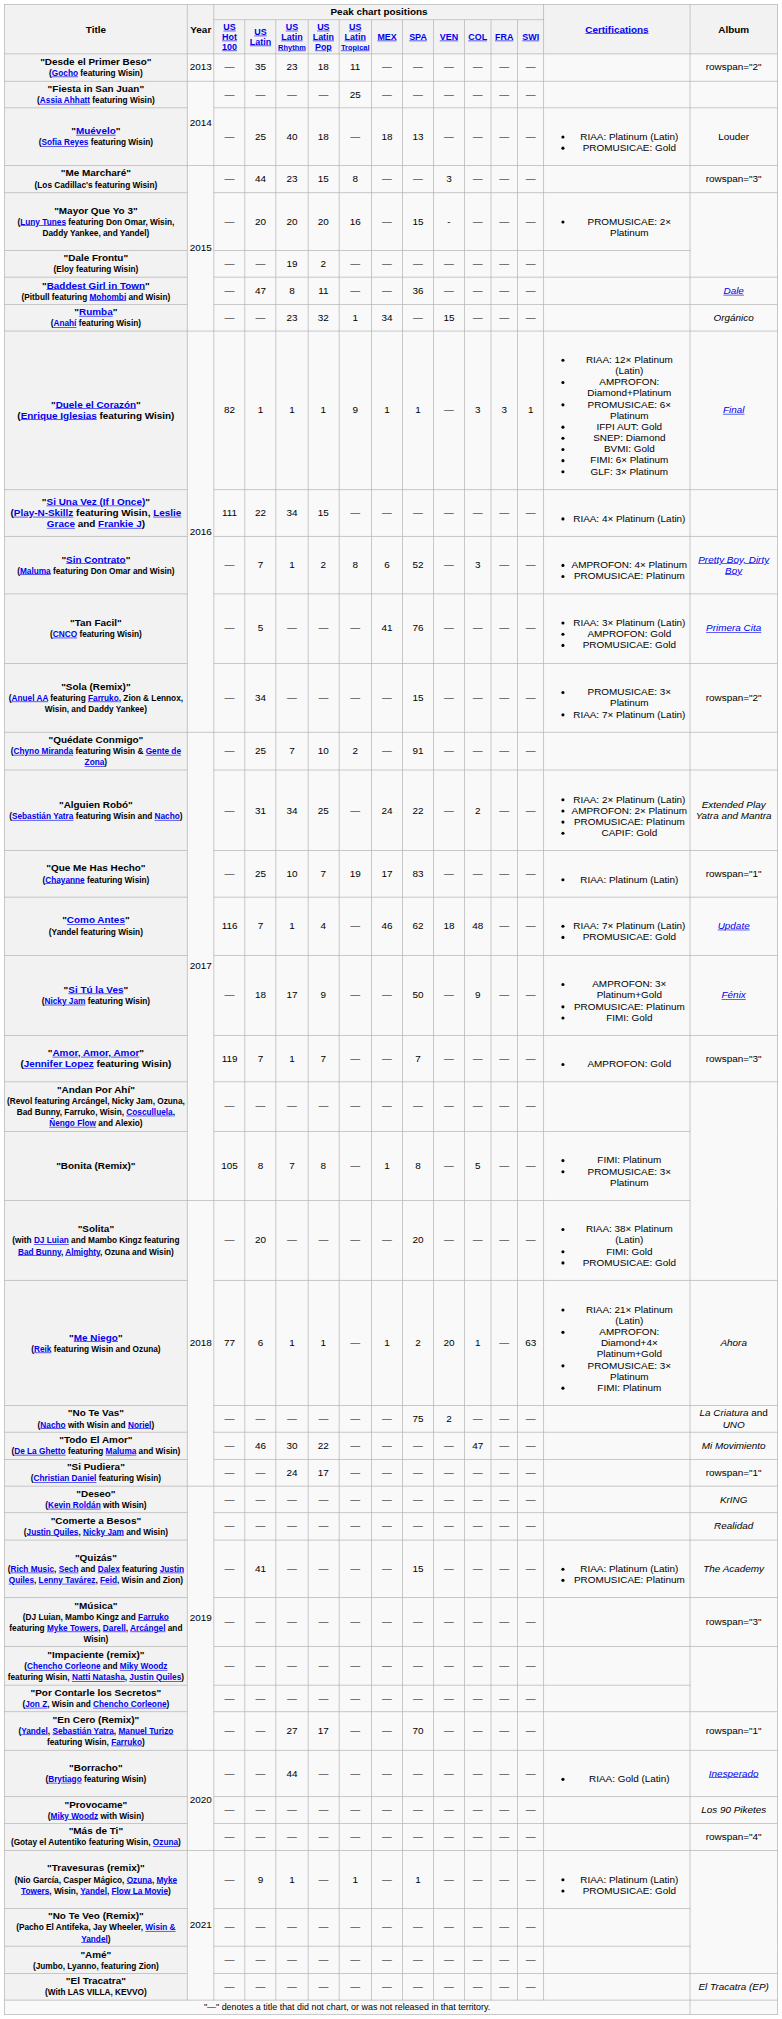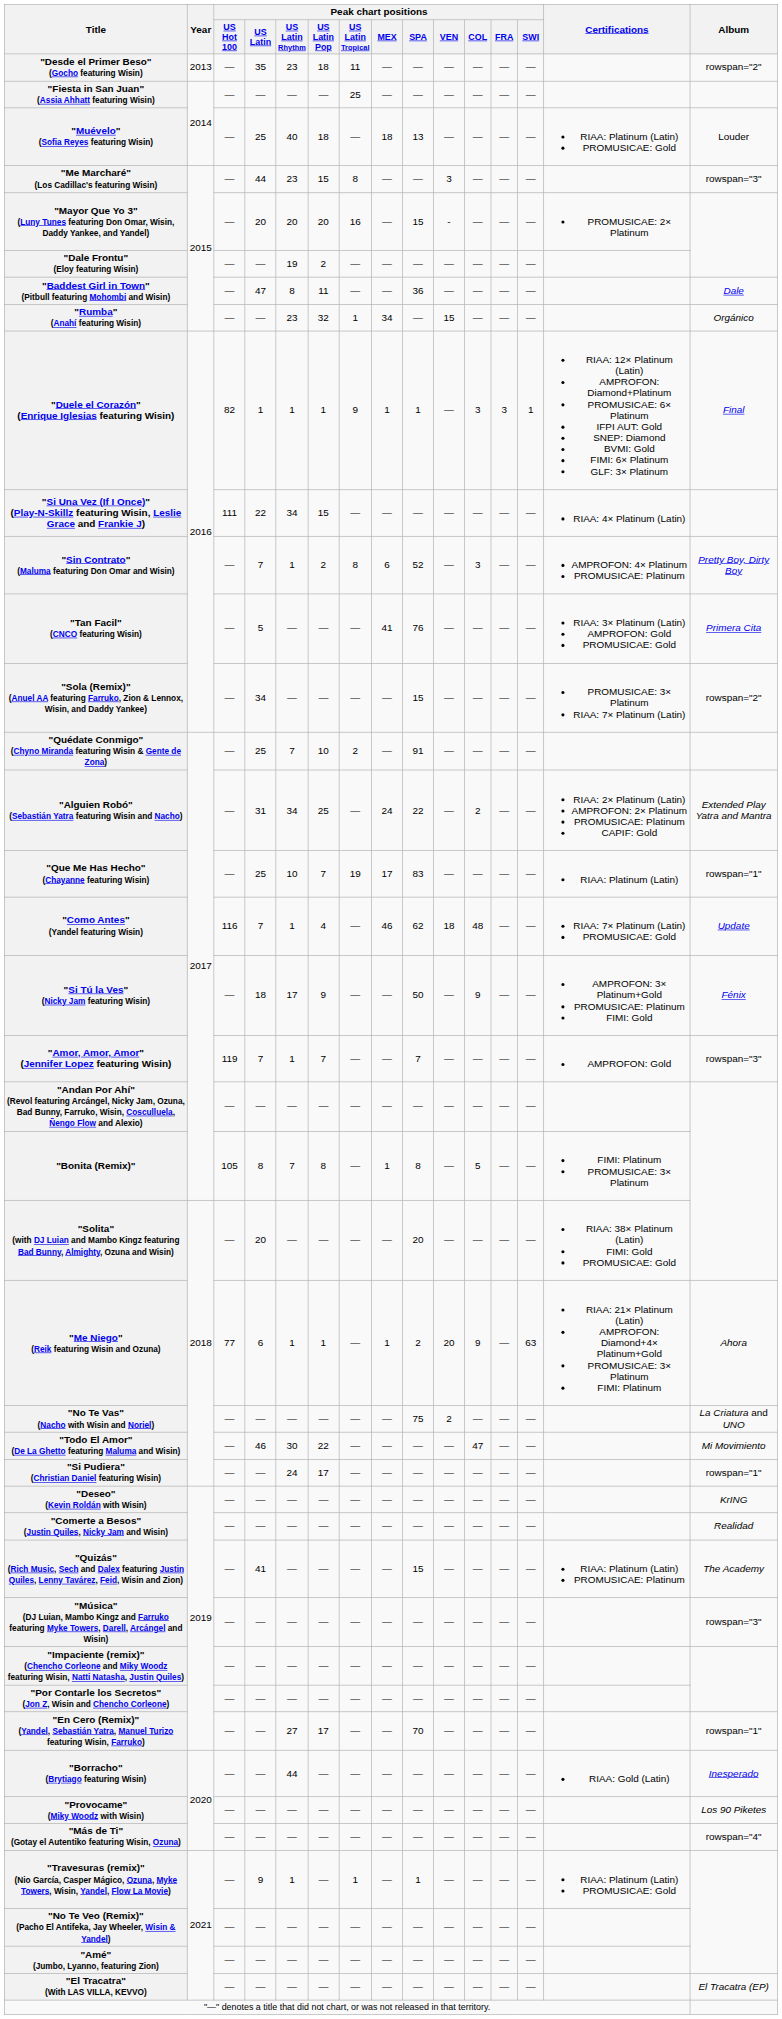 <table class="wikitable plainrowheaders" style="text-align:center;" border="1">
 <tr>
 <th scope="col" rowspan="2" style="width:18em;">Title</th>
 <th scope="col" rowspan="2">Year</th>
 <th scope="col" colspan="11">Peak chart positions</th>
 <th scope="col" rowspan="2"><a href='#'>Certifications</a></th>
 <th scope="col" rowspan="2">Album</th>
 </tr>
 <tr>
 <th scope="col" style="width:3em;font-size:90%;"><a href='#'>US Hot 100</a><br></th>
 <th scope="col" style="width:3em;font-size:90%;"><a href='#'>US <br> Latin</a><br></th>
 <th scope="col" style="width:3em;font-size:90%;"><a href='#'>US <br> Latin <small>Rhythm</small></a><br></th>
 <th scope="col" style="width:3em;font-size:90%;"><a href='#'>US <br> Latin<br>Pop</a><br></th>
 <th scope="col" style="width:3em;font-size:90%;"><a href='#'>US <br> Latin <small>Tropical</small></a><br></th>
 <th scope="col" style="width:3em;font-size:90%;"><a href='#'>MEX</a><br></th>
 <th scope="col" style="width:3em;font-size:90%;"><a href='#'>SPA</a><br></th>
 <th scope="col" style="width:3em;font-size:90%;"><a href='#'>VEN</a><br></th>
 <th scope="col" style="width:2.5em;font-size:90%;"><a href='#'>COL</a><br></th>
 <th scope="col" style="width:2.5em;font-size:90%;"><a href='#'>FRA</a><br></th>
 <th scope="col" style="width:2.5em;font-size:90%;"><a href='#'>SWI</a><br></th>
 </tr>
 <tr>
 <th scope="row">"Desde el Primer Beso" <br><small>(<a href='#'>Gocho</a> featuring Wisin)</small></th>
 <td>2013</td>
 <td>—</td>
 <td>35</td>
 <td>23</td>
 <td>18</td>
 <td>11</td>
 <td>—</td>
 <td>—</td>
 <td>—</td>
 <td>—</td>
 <td>—</td>
 <td>—</td>
 <td></td>
 <td>rowspan="2" </td>
 </tr>
 <tr>
 <th scope="row">"Fiesta in San Juan" <br> <small>(<a href='#'>Assia Ahhatt</a> featuring Wisin)</small></th>
 <td rowspan="2">2014</td>
 <td>—</td>
 <td>—</td>
 <td>—</td>
 <td>—</td>
 <td>25</td>
 <td>—</td>
 <td>—</td>
 <td>—</td>
 <td>—</td>
 <td>—</td>
 <td>—</td>
 <td></td>
 </tr>
 <tr>
 <th scope="row">"<a href='#'>Muévelo</a>" <br> <small>(<a href='#'>Sofia Reyes</a> featuring Wisin)</small></th>
 <td>—</td>
 <td>25</td>
 <td>40</td>
 <td>18</td>
 <td>—</td>
 <td>18</td>
 <td>13</td>
 <td>—</td>
 <td>—</td>
 <td>—</td>
 <td>—</td>
 <td><br><ul><li>RIAA: Platinum (Latin)</li><li>PROMUSICAE: Gold</li></ul></td>
 <td>Louder</td>
 </tr>
 <tr>
 <th scope="row">"Me Marcharé" <br> <small>(Los Cadillac's featuring Wisin)</small></th>
 <td rowspan="5">2015</td>
 <td>—</td>
 <td>44</td>
 <td>23</td>
 <td>15</td>
 <td>8</td>
 <td>—</td>
 <td>—</td>
 <td>3</td>
 <td>—</td>
 <td>—</td>
 <td>—</td>
 <td></td>
 <td>rowspan="3" </td>
 </tr>
 <tr>
 <th scope="row">"Mayor Que Yo 3" <br> <small>(<a href='#'>Luny Tunes</a> featuring Don Omar, Wisin, Daddy Yankee, and Yandel)</small></th>
 <td>—</td>
 <td>20</td>
 <td>20</td>
 <td>20</td>
 <td>16</td>
 <td>—</td>
 <td>15</td>
 <td>-</td>
 <td>—</td>
 <td>—</td>
 <td>—</td>
 <td><br><ul><li>PROMUSICAE: 2× Platinum</li></ul></td>
 </tr>
 <tr>
 <th scope="row">"Dale Frontu" <br> <small>(Eloy featuring Wisin)</small></th>
 <td>—</td>
 <td>—</td>
 <td>19</td>
 <td>2</td>
 <td>—</td>
 <td>—</td>
 <td>—</td>
 <td>—</td>
 <td>—</td>
 <td>—</td>
 <td>—</td>
 <td></td>
 </tr>
 <tr>
 <th scope="row">"<a href='#'>Baddest Girl in Town</a>" <br> <small>(Pitbull featuring <a href='#'>Mohombi</a> and Wisin)</small></th>
 <td>—</td>
 <td>47</td>
 <td>8</td>
 <td>11</td>
 <td>—</td>
 <td>—</td>
 <td>36</td>
 <td>—</td>
 <td>—</td>
 <td>—</td>
 <td>—</td>
 <td></td>
 <td><em><a href='#'>Dale</a></em></td>
 </tr>
 <tr>
 <th scope="row">"<a href='#'>Rumba</a>"<br><small>(<a href='#'>Anahí</a> featuring Wisin)</small></th>
 <td>—</td>
 <td>—</td>
 <td>23</td>
 <td>32</td>
 <td>1</td>
 <td>34</td>
 <td>—</td>
 <td>15</td>
 <td>—</td>
 <td>—</td>
 <td>—</td>
 <td></td>
 <td><em>Orgánico</em></td>
 </tr>
 <tr>
 <th scope="row">"<a href='#'>Duele el Corazón</a>"<br><span>(<a href='#'>Enrique Iglesias</a> featuring Wisin)</span></th>
 <td rowspan="5">2016</td>
 <td>82</td>
 <td>1</td>
 <td>1</td>
 <td>1</td>
 <td>9</td>
 <td>1</td>
 <td>1</td>
 <td>—</td>
 <td>3</td>
 <td>3</td>
 <td>1</td>
 <td><br><ul><li>RIAA: 12× Platinum (Latin)</li><li>AMPROFON: Diamond+Platinum</li><li>PROMUSICAE: 6× Platinum</li><li>IFPI AUT: Gold</li><li>SNEP: Diamond</li><li>BVMI: Gold</li><li>FIMI: 6× Platinum</li><li>GLF: 3× Platinum</li></ul></td>
 <td><em><a href='#'>Final</a></em></td>
 </tr>
 <tr>
 <th scope="row">"<a href='#'>Si Una Vez (If I Once)</a>"<br><span>(<a href='#'>Play-N-Skillz</a> featuring Wisin, <a href='#'>Leslie Grace</a> and <a href='#'>Frankie J</a>)</span></th>
 <td>111</td>
 <td>22</td>
 <td>34</td>
 <td>15</td>
 <td>—</td>
 <td>—</td>
 <td>—</td>
 <td>—</td>
 <td>—</td>
 <td>—</td>
 <td>—</td>
 <td><br><ul><li>RIAA: 4× Platinum (Latin)</li></ul></td>
 <td></td>
 </tr>
 <tr>
 <th scope="row">"<a href='#'>Sin Contrato</a>" <br> <small>(<a href='#'>Maluma</a> featuring Don Omar and Wisin)</small></th>
 <td>—</td>
 <td>7</td>
 <td>1</td>
 <td>2</td>
 <td>8</td>
 <td>6</td>
 <td>52</td>
 <td>—</td>
 <td>3</td>
 <td>—</td>
 <td>—</td>
 <td><br><ul><li>AMPROFON: 4× Platinum</li><li>PROMUSICAE: Platinum</li></ul></td>
 <td><em><a href='#'>Pretty Boy, Dirty Boy</a></em></td>
 </tr>
 <tr>
 <th scope="row">"Tan Facil" <br> <small>(<a href='#'>CNCO</a> featuring Wisin)</small></th>
 <td>—</td>
 <td>5</td>
 <td>—</td>
 <td>—</td>
 <td>—</td>
 <td>41</td>
 <td>76</td>
 <td>—</td>
 <td>—</td>
 <td>—</td>
 <td>—</td>
 <td><br><ul><li>RIAA: 3× Platinum (Latin)</li><li>AMPROFON: Gold</li><li>PROMUSICAE: Gold</li></ul></td>
 <td><em><a href='#'>Primera Cita</a></em></td>
 </tr>
 <tr>
 <th scope="row">"Sola (Remix)" <br> <small>(<a href='#'>Anuel AA</a> featuring <a href='#'>Farruko</a>, Zion & Lennox, Wisin, and Daddy Yankee)</small></th>
 <td>—</td>
 <td>34</td>
 <td>—</td>
 <td>—</td>
 <td>—</td>
 <td>—</td>
 <td>15</td>
 <td>—</td>
 <td>—</td>
 <td>—</td>
 <td>—</td>
 <td><br><ul><li>PROMUSICAE: 3× Platinum</li><li>RIAA: 7× Platinum (Latin)</li></ul></td>
 <td>rowspan="2" </td>
 </tr>
 <tr>
 <th scope="row">"Quédate Conmigo" <br> <small>(<a href='#'>Chyno Miranda</a> featuring Wisin & <a href='#'>Gente de Zona</a>)</small></th>
 <td rowspan="8">2017</td>
 <td>—</td>
 <td>25</td>
 <td>7</td>
 <td>10</td>
 <td>2</td>
 <td>—</td>
 <td>91</td>
 <td>—</td>
 <td>—</td>
 <td>—</td>
 <td>—</td>
 <td></td>
 </tr>
 <tr>
 <th scope="row">"Alguien Robó" <br> <small>(<a href='#'>Sebastián Yatra</a> featuring Wisin and <a href='#'>Nacho</a>)</small></th>
 <td>—</td>
 <td>31</td>
 <td>34</td>
 <td>25</td>
 <td>—</td>
 <td>24</td>
 <td>22</td>
 <td>—</td>
 <td>2</td>
 <td>—</td>
 <td>—</td>
 <td><br><ul><li>RIAA: 2× Platinum (Latin)</li><li>AMPROFON: 2× Platinum</li><li>PROMUSICAE: Platinum</li><li>CAPIF: Gold</li></ul></td>
 <td><em>Extended Play Yatra and Mantra</em></td>
 </tr>
 <tr>
 <th scope="row">"Que Me Has Hecho" <br> <small>(<a href='#'>Chayanne</a> featuring Wisin)</small></th>
 <td>—</td>
 <td>25</td>
 <td>10</td>
 <td>7</td>
 <td>19</td>
 <td>17</td>
 <td>83</td>
 <td>—</td>
 <td>—</td>
 <td>—</td>
 <td>—</td>
 <td><br><ul><li>RIAA: Platinum (Latin)</li></ul></td>
 <td>rowspan="1" </td>
 </tr>
 <tr>
 <th scope="row">"<a href='#'>Como Antes</a>" <br> <small>(Yandel featuring Wisin)</small></th>
 <td>116</td>
 <td>7</td>
 <td>1</td>
 <td>4</td>
 <td>—</td>
 <td>46</td>
 <td>62</td>
 <td>18</td>
 <td>48</td>
 <td>—</td>
 <td>—</td>
 <td><br><ul><li>RIAA: 7× Platinum (Latin)</li><li>PROMUSICAE: Gold</li></ul></td>
 <td><em><a href='#'>Update</a></em></td>
 </tr>
 <tr>
 <th scope="row">"<a href='#'>Si Tú la Ves</a>"<br><small>(<a href='#'>Nicky Jam</a> featuring Wisin)</small></th>
 <td>—</td>
 <td>18</td>
 <td>17</td>
 <td>9</td>
 <td>—</td>
 <td>—</td>
 <td>50</td>
 <td>—</td>
 <td>9</td>
 <td>—</td>
 <td>—</td>
 <td><br><ul><li>AMPROFON: 3× Platinum+Gold</li><li>PROMUSICAE: Platinum</li><li>FIMI: Gold</li></ul></td>
 <td><em><a href='#'>Fénix</a></em></td>
 </tr>
 <tr>
 <th scope="row">"<a href='#'>Amor, Amor, Amor</a>"<br><span>(<a href='#'>Jennifer Lopez</a> featuring Wisin)</span></th>
 <td>119</td>
 <td>7</td>
 <td>1</td>
 <td>7</td>
 <td>—</td>
 <td>—</td>
 <td>7</td>
 <td>—</td>
 <td>—</td>
 <td>—</td>
 <td>—</td>
 <td><br><ul><li>AMPROFON: Gold</li></ul></td>
 <td>rowspan="3" </td>
 </tr>
 <tr>
 <th scope="row">"Andan Por Ahí" <br> <small>(Revol featuring Arcángel, Nicky Jam, Ozuna, Bad Bunny, Farruko, Wisin, <a href='#'>Cosculluela</a>, <a href='#'>Ñengo Flow</a> and Alexio)</small></th>
 <td>—</td>
 <td>—</td>
 <td>—</td>
 <td>—</td>
 <td>—</td>
 <td>—</td>
 <td>—</td>
 <td>—</td>
 <td>—</td>
 <td>—</td>
 <td>—</td>
 <td></td>
 </tr>
 <tr>
 <th scope="row">"Bonita (Remix)"<br></th>
 <td>105</td>
 <td>8</td>
 <td>7</td>
 <td>8</td>
 <td>—</td>
 <td>1</td>
 <td>8</td>
 <td>—</td>
 <td>5</td>
 <td>—</td>
 <td>—</td>
 <td><br><ul><li>FIMI: Platinum</li><li>PROMUSICAE: 3× Platinum</li></ul></td>
 </tr>
 <tr>
 <th scope="row">"Solita"<br><small>(with <a href='#'>DJ Luian</a> and Mambo Kingz featuring <a href='#'>Bad Bunny</a>, <a href='#'>Almighty</a>, Ozuna and Wisin)</small></th>
 <td rowspan="5">2018</td>
 <td>—</td>
 <td>20</td>
 <td>—</td>
 <td>—</td>
 <td>—</td>
 <td>—</td>
 <td>20</td>
 <td>—</td>
 <td>—</td>
 <td>—</td>
 <td>—</td>
 <td><br><ul><li>RIAA: 38× Platinum (Latin)</li><li>FIMI: Gold</li><li>PROMUSICAE: Gold</li></ul></td>
 </tr>
 <tr>
 <th scope="row">"<a href='#'>Me Niego</a>" <br> <small>(<a href='#'>Reik</a> featuring Wisin and Ozuna)</small></th>
 <td>77</td>
 <td>6</td>
 <td>1</td>
 <td>1</td>
 <td>—</td>
 <td>1</td>
 <td>2<br></td>
 <td>20</td>
-<td>1</td>
+<td>9</td>
 <td>—</td>
 <td>63</td>
 <td><br><ul><li>RIAA: 21× Platinum (Latin)</li><li>AMPROFON: Diamond+4× Platinum+Gold</li><li>PROMUSICAE: 3× Platinum</li><li>FIMI: Platinum</li></ul></td>
 <td><em>Ahora</em></td>
 </tr>
 <tr>
 <th scope="row">"No Te Vas" <br> <small>(<a href='#'>Nacho</a> with Wisin and <a href='#'>Noriel</a>)</small></th>
 <td>—</td>
 <td>—</td>
 <td>—</td>
 <td>—</td>
 <td>—</td>
 <td>—</td>
 <td>75</td>
 <td>2</td>
 <td>—</td>
 <td>—</td>
 <td>—</td>
 <td></td>
 <td><em>La Criatura</em> and <em>UNO</em></td>
 </tr>
 <tr>
 <th scope="row">"Todo El Amor" <br> <small>(<a href='#'>De La Ghetto</a> featuring <a href='#'>Maluma</a> and Wisin)</small></th>
 <td>—</td>
 <td>46</td>
 <td>30</td>
 <td>22</td>
 <td>—</td>
 <td>—</td>
 <td>—</td>
 <td>—</td>
 <td>47</td>
 <td>—</td>
 <td>—</td>
 <td></td>
 <td><em>Mi Movimiento</em></td>
 </tr>
 <tr>
 <th scope="row">"Si Pudiera" <br> <small>(<a href='#'>Christian Daniel</a> featuring Wisin)</small></th>
 <td>—</td>
 <td>—</td>
 <td>24</td>
 <td>17</td>
 <td>—</td>
 <td>—</td>
 <td>—</td>
 <td>—</td>
 <td>—</td>
 <td>—</td>
 <td>—</td>
 <td></td>
 <td>rowspan="1" </td>
 </tr>
 <tr>
 <th scope="row">"Deseo" <br> <small>(<a href='#'>Kevin Roldán</a> with Wisin)</small></th>
 <td rowspan="7">2019</td>
 <td>—</td>
 <td>—</td>
 <td>—</td>
 <td>—</td>
 <td>—</td>
 <td>—</td>
 <td>—</td>
 <td>—</td>
 <td>—</td>
 <td>—</td>
 <td>—</td>
 <td></td>
 <td><em>KrING</em></td>
 </tr>
 <tr>
 <th scope="row">"Comerte a Besos" <br> <small>(<a href='#'>Justin Quiles</a>, <a href='#'>Nicky Jam</a> and Wisin)</small></th>
 <td>—</td>
 <td>—</td>
 <td>—</td>
 <td>—</td>
 <td>—</td>
 <td>—</td>
 <td>—</td>
 <td>—</td>
 <td>—</td>
 <td>—</td>
 <td>—</td>
 <td></td>
 <td><em>Realidad</em></td>
 </tr>
 <tr>
 <th scope="row">"Quizás" <br> <small>(<a href='#'>Rich Music</a>, <a href='#'>Sech</a> and <a href='#'>Dalex</a> featuring <a href='#'>Justin Quiles</a>, <a href='#'>Lenny Tavárez</a>, <a href='#'>Feid</a>, Wisin and Zion)</small></th>
 <td>—</td>
 <td>41</td>
 <td>—</td>
 <td>—</td>
 <td>—</td>
 <td>—</td>
 <td>15</td>
 <td>—</td>
 <td>—</td>
 <td>—</td>
 <td>—</td>
 <td><br><ul><li>RIAA: Platinum (Latin)</li><li>PROMUSICAE: Platinum</li></ul></td>
 <td><em>The Academy</em></td>
 </tr>
 <tr>
 <th scope="row">"Música" <br> <small>(DJ Luian, Mambo Kingz and <a href='#'>Farruko</a> featuring <a href='#'>Myke Towers</a>, <a href='#'>Darell</a>, <a href='#'>Arcángel</a> and Wisin)</small></th>
 <td>—</td>
 <td>—</td>
 <td>—</td>
 <td>—</td>
 <td>—</td>
 <td>—</td>
 <td>—</td>
 <td>—</td>
 <td>—</td>
 <td>—</td>
 <td>—</td>
 <td></td>
 <td>rowspan="3" </td>
 </tr>
 <tr>
 <th scope="row">"Impaciente (remix)" <br> <small>(<a href='#'>Chencho Corleone</a> and <a href='#'>Miky Woodz</a> featuring Wisin, <a href='#'>Natti Natasha</a>, <a href='#'>Justin Quiles</a>)</small></th>
 <td>—</td>
 <td>—</td>
 <td>—</td>
 <td>—</td>
 <td>—</td>
 <td>—</td>
 <td>—</td>
 <td>—</td>
 <td>—</td>
 <td>—</td>
 <td>—</td>
 <td></td>
 </tr>
 <tr>
 <th scope="row">"Por Contarle los Secretos" <br> <small>(<a href='#'>Jon Z</a>, Wisin and <a href='#'>Chencho Corleone</a>)</small></th>
 <td>—</td>
 <td>—</td>
 <td>—</td>
 <td>—</td>
 <td>—</td>
 <td>—</td>
 <td>—</td>
 <td>—</td>
 <td>—</td>
 <td>—</td>
 <td>—</td>
 <td></td>
 </tr>
 <tr>
 <th scope="row">"En Cero (Remix)" <br> <small>(<a href='#'>Yandel</a>, <a href='#'>Sebastián Yatra</a>, <a href='#'>Manuel Turizo</a> featuring Wisin, <a href='#'>Farruko</a>)</small></th>
 <td>—</td>
 <td>—</td>
 <td>27</td>
 <td>17</td>
 <td>—</td>
 <td>—</td>
 <td>70</td>
 <td>—</td>
 <td>—</td>
 <td>—</td>
 <td>—</td>
 <td></td>
 <td>rowspan="1" </td>
 </tr>
 <tr>
 <th scope="row">"Borracho" <br> <small>(<a href='#'>Brytiago</a> featuring Wisin)</small></th>
 <td rowspan="3">2020</td>
 <td>—</td>
 <td>—</td>
 <td>44</td>
 <td>—</td>
 <td>—</td>
 <td>—</td>
 <td>—</td>
 <td>—</td>
 <td>—</td>
 <td>—</td>
 <td>—</td>
 <td><br><ul><li>RIAA: Gold (Latin)</li></ul></td>
 <td><em><a href='#'>Inesperado</a></em></td>
 </tr>
 <tr>
 <th scope="row">"Provocame" <br> <small>(<a href='#'>Miky Woodz</a> with Wisin)</small></th>
 <td>—</td>
 <td>—</td>
 <td>—</td>
 <td>—</td>
 <td>—</td>
 <td>—</td>
 <td>—</td>
 <td>—</td>
 <td>—</td>
 <td>—</td>
 <td>—</td>
 <td></td>
 <td><em>Los 90 Piketes</em></td>
 </tr>
 <tr>
 <th scope="row">"Más de Ti" <br> <small>(Gotay el Autentiko featuring Wisin, <a href='#'>Ozuna</a>)</small></th>
 <td>—</td>
 <td>—</td>
 <td>—</td>
 <td>—</td>
 <td>—</td>
 <td>—</td>
 <td>—</td>
 <td>—</td>
 <td>—</td>
 <td>—</td>
 <td>—</td>
 <td></td>
 <td>rowspan="4" </td>
 </tr>
 <tr>
 <th scope="row">"Travesuras (remix)" <br> <small>(Nio García, Casper Mágico, <a href='#'>Ozuna</a>, <a href='#'>Myke Towers</a>, Wisin, <a href='#'>Yandel</a>, <a href='#'>Flow La Movie</a>)</small></th>
 <td rowspan="4">2021</td>
 <td>—</td>
 <td>9</td>
 <td>1</td>
 <td>—</td>
 <td>1</td>
 <td>—</td>
 <td>1</td>
 <td>—</td>
 <td>—</td>
 <td>—</td>
 <td>—</td>
 <td><br><ul><li>RIAA: Platinum (Latin)</li><li>PROMUSICAE: Gold</li></ul></td>
 </tr>
 <tr>
 <th scope="row">"No Te Veo (Remix)" <br> <small>(Pacho El Antifeka, Jay Wheeler, <a href='#'>Wisin & Yandel</a>)</small></th>
 <td>—</td>
 <td>—</td>
 <td>—</td>
 <td>—</td>
 <td>—</td>
 <td>—</td>
 <td>—</td>
 <td>—</td>
 <td>—</td>
 <td>—</td>
 <td>—</td>
 <td></td>
 </tr>
 <tr>
 <th scope="row">"Amé" <br> <small>(Jumbo, Lyanno, featuring Zion)</small></th>
 <td>—</td>
 <td>—</td>
 <td>—</td>
 <td>—</td>
 <td>—</td>
 <td>—</td>
 <td>—</td>
 <td>—</td>
 <td>—</td>
 <td>—</td>
 <td>—</td>
 <td></td>
 </tr>
 <tr>
 <th scope="row">"El Tracatra" <br> <small>(With LAS VILLA, KEVVO)</small></th>
 <td>—</td>
 <td>—</td>
 <td>—</td>
 <td>—</td>
 <td>—</td>
 <td>—</td>
 <td>—</td>
 <td>—</td>
 <td>—</td>
 <td>—</td>
 <td>—</td>
 <td></td>
 <td><em>El Tracatra (EP)</em></td>
 </tr>
 <tr>
 <td colspan="14" style="font-size:90%">"—" denotes a title that did not chart, or was not released in that territory.</td>
 </tr>
 </table>
